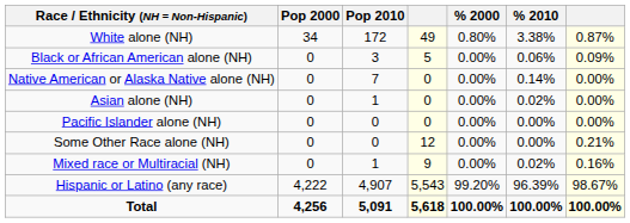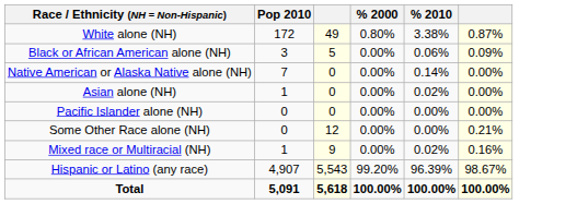 <table class="wikitable" style="text-align:center;">
 <tr>
 <th>Race / Ethnicity <small>(<em>NH = Non-Hispanic</em>)</small></th>
-<th>Pop 2000</th>
 <th>Pop 2010</th>
 <th></th>
 <th>% 2000</th>
 <th>% 2010</th>
 <th></th>
 </tr>
 <tr>
 <td><a href='#'>White</a> alone (NH)</td>
-<td>34</td>
 <td>172</td>
 <td style='background: #ffffe6;'>49</td>
 <td>0.80%</td>
 <td>3.38%</td>
 <td style='background: #ffffe6;'>0.87%</td>
 </tr>
 <tr>
 <td><a href='#'>Black or African American</a> alone (NH)</td>
-<td>0</td>
 <td>3</td>
 <td style='background: #ffffe6;'>5</td>
 <td>0.00%</td>
 <td>0.06%</td>
 <td style='background: #ffffe6;'>0.09%</td>
 </tr>
 <tr>
 <td><a href='#'>Native American</a> or <a href='#'>Alaska Native</a> alone (NH)</td>
-<td>0</td>
 <td>7</td>
 <td style='background: #ffffe6;'>0</td>
 <td>0.00%</td>
 <td>0.14%</td>
 <td style='background: #ffffe6;'>0.00%</td>
 </tr>
 <tr>
 <td><a href='#'>Asian</a> alone (NH)</td>
-<td>0</td>
 <td>1</td>
 <td style='background: #ffffe6;'>0</td>
 <td>0.00%</td>
 <td>0.02%</td>
 <td style='background: #ffffe6;'>0.00%</td>
 </tr>
 <tr>
 <td><a href='#'>Pacific Islander</a> alone (NH)</td>
 <td>0</td>
-<td>0</td>
 <td style='background: #ffffe6;'>0</td>
 <td>0.00%</td>
 <td>0.00%</td>
 <td style='background: #ffffe6;'>0.00%</td>
 </tr>
 <tr>
 <td>Some Other Race alone (NH)</td>
 <td>0</td>
-<td>0</td>
 <td style='background: #ffffe6;'>12</td>
 <td>0.00%</td>
 <td>0.00%</td>
 <td style='background: #ffffe6;'>0.21%</td>
 </tr>
 <tr>
 <td><a href='#'>Mixed race or Multiracial</a> (NH)</td>
-<td>0</td>
 <td>1</td>
 <td style='background: #ffffe6;'>9</td>
 <td>0.00%</td>
 <td>0.02%</td>
 <td style='background: #ffffe6;'>0.16%</td>
 </tr>
 <tr>
 <td><a href='#'>Hispanic or Latino</a> (any race)</td>
-<td>4,222</td>
 <td>4,907</td>
 <td style='background: #ffffe6;'>5,543</td>
 <td>99.20%</td>
 <td>96.39%</td>
 <td style='background: #ffffe6;'>98.67%</td>
 </tr>
 <tr>
 <td><strong>Total</strong></td>
-<td><strong>4,256</strong></td>
 <td><strong>5,091</strong></td>
 <td style='background: #ffffe6;'><strong>5,618</strong></td>
 <td><strong>100.00%</strong></td>
 <td><strong>100.00%</strong></td>
 <td style='background: #ffffe6;'><strong>100.00%</strong></td>
 </tr>
 </table>
